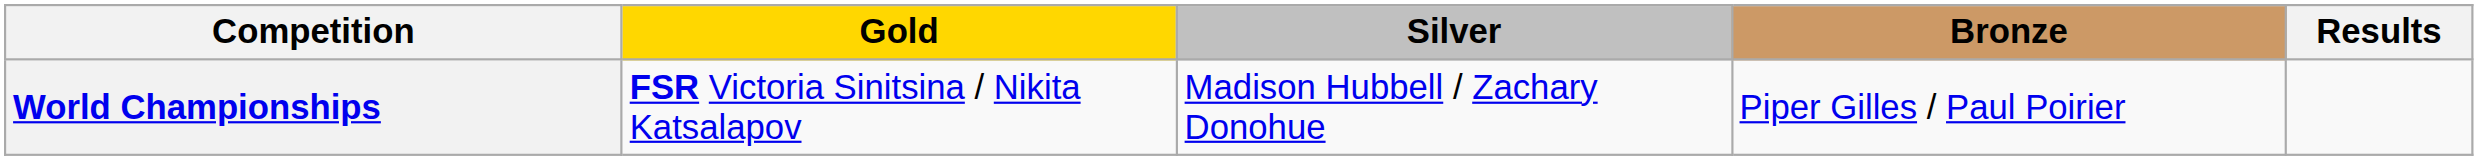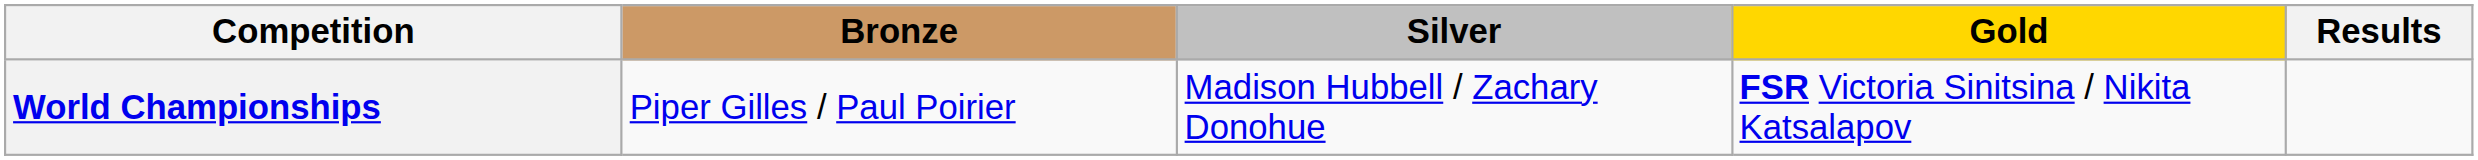 <table class="wikitable unsortable" style="text-align:left; width:90%;">
 <tr>
 <th scope="col" style="text-align:center; width:25%;">Competition</th>
+<td scope="col" style="text-align:center; width:22.5%; background:#c96"><strong>Bronze</strong></td>
+<td scope="col" style="text-align:center; width:22.5%; background:silver"><strong>Silver</strong></td>
 <td scope="col" style="text-align:center; width:22.5%; background:gold"><strong>Gold</strong></td>
-<td scope="col" style="text-align:center; width:22.5%; background:silver"><strong>Silver</strong></td>
-<td scope="col" style="text-align:center; width:22.5%; background:#c96"><strong>Bronze</strong></td>
 <th scope="col" style="text-align:center; width:7.5%;">Results</th>
 </tr>
 <tr>
 <th scope="row" style="text-align:left"> <a href='#'>World Championships</a></th>
+<td> <a href='#'>Piper Gilles</a> / <a href='#'>Paul Poirier</a></td>
+<td> <a href='#'>Madison Hubbell</a> / <a href='#'>Zachary Donohue</a></td>
 <td><strong><a href='#'>FSR</a></strong> <a href='#'>Victoria Sinitsina</a> / <a href='#'>Nikita Katsalapov</a></td>
-<td> <a href='#'>Madison Hubbell</a> / <a href='#'>Zachary Donohue</a></td>
-<td> <a href='#'>Piper Gilles</a> / <a href='#'>Paul Poirier</a></td>
 <td></td>
 </tr>
 </table>
